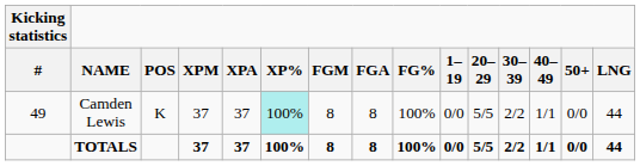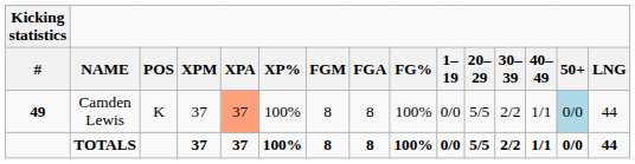 <table style="width:60%; text-align:center;" class="wikitable collapsible collapsed">
 <tr>
 <th style="text-align:center; ">Kicking statistics</th>
 </tr>
 <tr>
 <th>#</th>
 <th>NAME</th>
 <th>POS</th>
 <th>XPM</th>
 <th>XPA</th>
 <th>XP%</th>
 <th>FGM</th>
 <th>FGA</th>
 <th>FG%</th>
 <th>1–19</th>
 <th>20–29</th>
 <th>30–39</th>
 <th>40–49</th>
 <th>50+</th>
 <th>LNG</th>
 </tr>
 <tr>
-<td>49</td>
+<td><strong>49</strong></td>
 <td>Camden Lewis</td>
 <td>K</td>
 <td>37</td>
-<td>37</td>
-<td style="background: paleturquoise;">100%</td>
+<td style="background: lightsalmon;">37</td>
+<td>100%</td>
 <td>8</td>
 <td>8</td>
 <td>100%</td>
 <td>0/0</td>
 <td>5/5</td>
 <td>2/2</td>
 <td>1/1</td>
-<td>0/0</td>
+<td style="background: lightblue;">0/0</td>
 <td>44</td>
 </tr>
 <tr>
 <td></td>
 <td><strong>TOTALS</strong></td>
 <td></td>
 <td><strong>37</strong></td>
 <td><strong>37</strong></td>
 <td><strong>100%</strong></td>
 <td><strong>8</strong></td>
 <td><strong>8</strong></td>
 <td><strong>100%</strong></td>
 <td><strong>0/0</strong></td>
 <td><strong>5/5</strong></td>
 <td><strong>2/2</strong></td>
 <td><strong>1/1</strong></td>
 <td><strong>0/0</strong></td>
 <td><strong>44</strong></td>
 </tr>
 </table>
